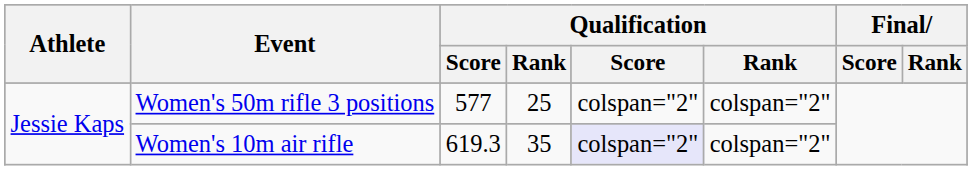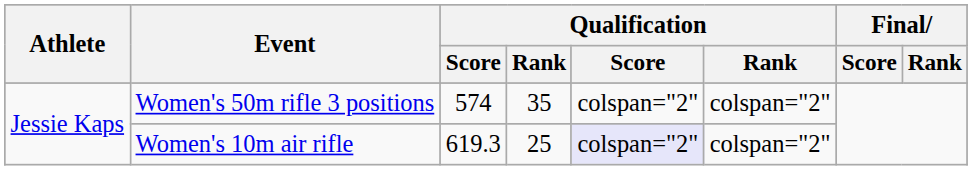 <table class="wikitable" style="text-align:center; font-size:90%">
 <tr>
 <th rowspan="2">Athlete</th>
 <th rowspan="2">Event</th>
 <th colspan="4">Qualification</th>
 <th colspan="2">Final/</th>
 </tr>
 <tr style="font-size:95%">
 <th>Score</th>
 <th>Rank</th>
 <th>Score</th>
 <th>Rank</th>
 <th>Score</th>
 <th>Rank</th>
 </tr>
 <tr>
 <td align="left" rowspan="2"><a href='#'>Jessie Kaps</a></td>
 <td align="left"><a href='#'>Women's 50m rifle 3 positions</a></td>
-<td>577</td>
-<td>25</td>
+<td>574</td>
+<td>35</td>
 <td>colspan="2" </td>
 <td>colspan="2" </td>
 </tr>
 <tr>
 <td align="left"><a href='#'>Women's 10m air rifle</a></td>
 <td>619.3</td>
-<td>35</td>
+<td>25</td>
 <td style="background: lavender;">colspan="2" </td>
 <td>colspan="2" </td>
 </tr>
 </table>
